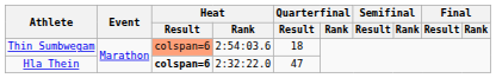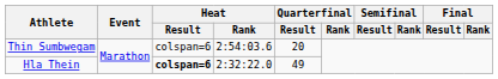 <table class="wikitable" style="font-size:90%">
 <tr>
 <th rowspan="2">Athlete</th>
 <th rowspan="2">Event</th>
 <th colspan="2">Heat</th>
 <th colspan="2">Quarterfinal</th>
 <th colspan="2">Semifinal</th>
 <th colspan="2">Final</th>
 </tr>
 <tr style="font-size:95%">
 <th>Result</th>
 <th>Rank</th>
 <th>Result</th>
 <th>Rank</th>
 <th>Result</th>
 <th>Rank</th>
 <th>Result</th>
 <th>Rank</th>
 </tr>
 <tr align=center>
 <td><a href='#'>Thin Sumbwegam</a></td>
 <td align=left rowspan=2><a href='#'>Marathon</a></td>
-<td style="background: lightsalmon;">colspan=6 </td>
+<td>colspan=6 </td>
 <td>2:54:03.6</td>
-<td>18</td>
+<td>20</td>
 </tr>
 <tr align=center>
 <td><a href='#'>Hla Thein</a></td>
 <td><strong>colspan=6 </strong></td>
 <td>2:32:22.0</td>
-<td>47</td>
+<td>49</td>
 </tr>
 </table>
